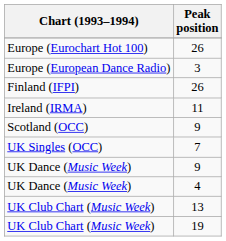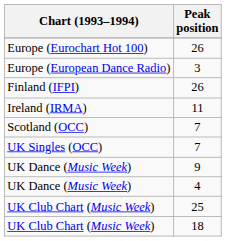 <table class="wikitable sortable">
 <tr>
 <th>Chart (1993–1994)</th>
 <th>Peak<br>position</th>
 </tr>
 <tr>
 </tr>
 <tr>
 <td>Europe (<a href='#'>Eurochart Hot 100</a>)</td>
 <td align="center">26</td>
 </tr>
 <tr>
 <td>Europe (<a href='#'>European Dance Radio</a>)</td>
 <td align="center">3</td>
 </tr>
 <tr>
 <td>Finland (<a href='#'>IFPI</a>)</td>
 <td align="center">26</td>
 </tr>
 <tr>
 <td>Ireland (<a href='#'>IRMA</a>)</td>
 <td align="center">11</td>
 </tr>
 <tr>
 <td>Scotland (<a href='#'>OCC</a>)</td>
-<td align="center">9</td>
+<td align="center">7</td>
 </tr>
 <tr>
 <td><a href='#'>UK Singles</a> (<a href='#'>OCC</a>)</td>
 <td align="center">7</td>
 </tr>
 <tr>
 <td>UK Dance (<em><a href='#'>Music Week</a></em>)</td>
 <td align="center">9</td>
 </tr>
 <tr>
 <td>UK Dance (<em><a href='#'>Music Week</a></em>)<br></td>
 <td align="center">4</td>
 </tr>
 <tr>
 <td><a href='#'>UK Club Chart</a> (<em><a href='#'>Music Week</a></em>)</td>
-<td align="center">13</td>
+<td align="center">25</td>
 </tr>
 <tr>
 <td><a href='#'>UK Club Chart</a> (<em><a href='#'>Music Week</a></em>)<br></td>
-<td align="center">19</td>
+<td align="center">18</td>
 </tr>
 </table>
